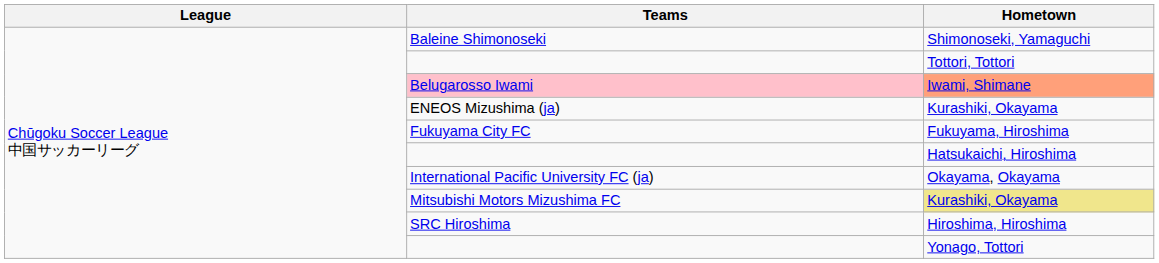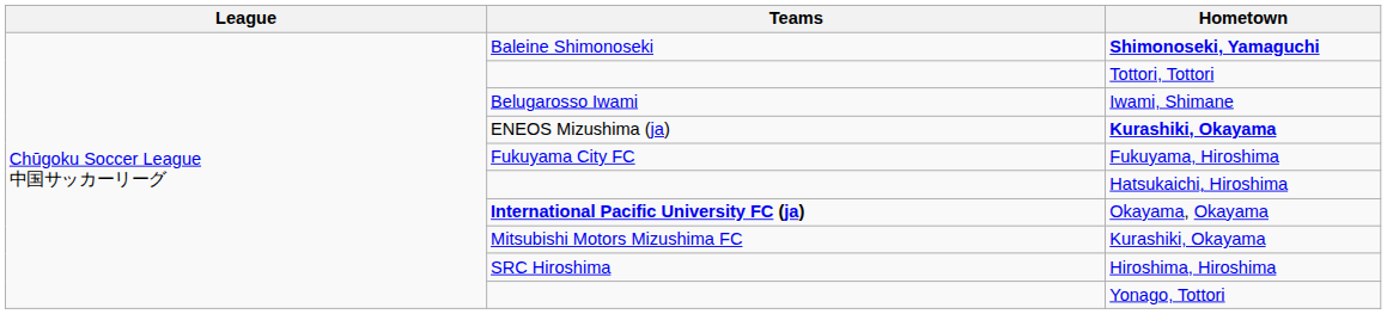 <table class="wikitable" width=100%>
 <tr>
 <th width=35%>League</th>
 <th width=45%>Teams</th>
 <th width=20%>Hometown</th>
 </tr>
 <tr>
 <td rowspan="10"><a href='#'>Chūgoku Soccer League</a><br>中国サッカーリーグ</td>
 <td><a href='#'>Baleine Shimonoseki</a></td>
-<td><a href='#'>Shimonoseki, Yamaguchi</a></td>
+<td><strong><a href='#'>Shimonoseki, Yamaguchi</a></strong></td>
 </tr>
 <tr>
 <td></td>
 <td><a href='#'>Tottori, Tottori</a></td>
 </tr>
 <tr>
-<td style="background: pink;"><a href='#'>Belugarosso Iwami</a></td>
-<td style="background: lightsalmon;"><a href='#'>Iwami, Shimane</a></td>
+<td><a href='#'>Belugarosso Iwami</a></td>
+<td><a href='#'>Iwami, Shimane</a></td>
 </tr>
 <tr>
 <td>ENEOS Mizushima (<a href='#'>ja</a>) </td>
-<td><a href='#'>Kurashiki, Okayama</a></td>
+<td><strong><a href='#'>Kurashiki, Okayama</a></strong></td>
 </tr>
 <tr>
 <td><a href='#'>Fukuyama City FC</a></td>
 <td><a href='#'>Fukuyama, Hiroshima</a></td>
 </tr>
 <tr>
 <td></td>
 <td><a href='#'>Hatsukaichi, Hiroshima</a></td>
 </tr>
 <tr>
-<td><a href='#'>International Pacific University FC</a> (<a href='#'>ja</a>)</td>
+<td><strong><a href='#'>International Pacific University FC</a> (<a href='#'>ja</a>)</strong></td>
 <td><a href='#'>Okayama</a>, <a href='#'>Okayama</a></td>
 </tr>
 <tr>
 <td><a href='#'>Mitsubishi Motors Mizushima FC</a></td>
-<td style="background: khaki;"><a href='#'>Kurashiki, Okayama</a></td>
+<td><a href='#'>Kurashiki, Okayama</a></td>
 </tr>
 <tr>
 <td><a href='#'>SRC Hiroshima</a></td>
 <td><a href='#'>Hiroshima, Hiroshima</a></td>
 </tr>
 <tr>
 <td></td>
 <td><a href='#'>Yonago, Tottori</a></td>
 </tr>
 </table>
